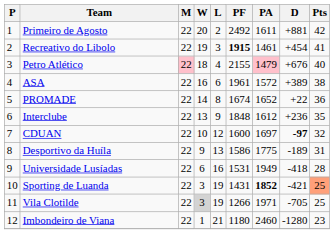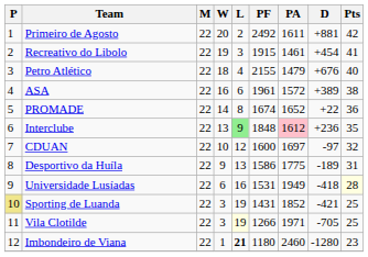 <table class="wikitable">
 <tr>
 <th>P</th>
 <th width=225>Team</th>
 <th>M</th>
 <th>W</th>
 <th>L</th>
 <th>PF</th>
 <th>PA</th>
 <th>D</th>
 <th>Pts</th>
 </tr>
 <tr>
 <td>1</td>
 <td><a href='#'>Primeiro de Agosto</a></td>
 <td>22</td>
 <td>20</td>
 <td align=center>2</td>
 <td>2492</td>
 <td>1611</td>
 <td align=right>+881</td>
 <td align=center>42</td>
 </tr>
 <tr>
 <td>2</td>
 <td><a href='#'>Recreativo do Libolo</a></td>
 <td>22</td>
 <td>19</td>
 <td align=center>3</td>
-<td><strong>1915</strong></td>
+<td>1915</td>
 <td>1461</td>
 <td align=right>+454</td>
 <td align=center>41</td>
 </tr>
 <tr>
 <td>3</td>
 <td><a href='#'>Petro Atlético</a></td>
-<td style="background: pink;">22</td>
+<td>22</td>
 <td>18</td>
 <td align=center>4</td>
 <td>2155</td>
-<td style="background: pink;">1479</td>
+<td>1479</td>
 <td align=right>+676</td>
 <td align=center>40</td>
 </tr>
 <tr>
 <td>4</td>
 <td><a href='#'>ASA</a></td>
 <td>22</td>
 <td>16</td>
 <td align=center>6</td>
 <td>1961</td>
 <td>1572</td>
 <td align=right>+389</td>
 <td align=center>38</td>
 </tr>
 <tr>
 <td>5</td>
 <td><a href='#'>PROMADE</a></td>
 <td>22</td>
 <td>14</td>
 <td align=center>8</td>
 <td>1674</td>
 <td>1652</td>
 <td align=right>+22</td>
 <td align=center>36</td>
 </tr>
 <tr>
 <td>6</td>
 <td><a href='#'>Interclube</a></td>
 <td>22</td>
 <td>13</td>
-<td align=center>9</td>
+<td align=center style="background: lightgreen;">9</td>
 <td>1848</td>
-<td>1612</td>
+<td style="background: pink;">1612</td>
 <td align=right>+236</td>
 <td align=center>35</td>
 </tr>
 <tr>
 <td>7</td>
 <td><a href='#'>CDUAN</a></td>
 <td>22</td>
 <td>10</td>
 <td>12</td>
 <td>1600</td>
 <td>1697</td>
-<td align=right><strong>-97</strong></td>
+<td align=right>-97</td>
 <td align=center>32</td>
 </tr>
 <tr>
 <td>8</td>
 <td><a href='#'>Desportivo da Huíla</a></td>
 <td>22</td>
 <td align=center>9</td>
 <td>13</td>
 <td>1586</td>
 <td>1775</td>
 <td align=right>-189</td>
 <td align=center>31</td>
 </tr>
 <tr>
 <td>9</td>
 <td><a href='#'>Universidade Lusíadas</a></td>
 <td>22</td>
 <td align=center>6</td>
 <td>16</td>
 <td>1531</td>
 <td>1949</td>
 <td align=right>-418</td>
-<td align=center>28</td>
+<td align=center style="background: lightyellow;">28</td>
 </tr>
 <tr>
-<td>10</td>
+<td style="background: khaki;">10</td>
 <td><a href='#'>Sporting de Luanda</a></td>
 <td>22</td>
 <td align=center>3</td>
 <td>19</td>
 <td>1431</td>
-<td><strong>1852</strong></td>
+<td>1852</td>
 <td align=right>-421</td>
-<td align=center style="background: lightsalmon;">25</td>
+<td align=center>25</td>
 </tr>
 <tr>
 <td>11</td>
 <td><a href='#'>Vila Clotilde</a></td>
 <td>22</td>
-<td align=center style="background: lightgrey;">3</td>
-<td>19</td>
+<td align=center>3</td>
+<td style="background: lightyellow;">19</td>
 <td>1266</td>
 <td>1971</td>
 <td align=right>-705</td>
 <td align=center>25</td>
 </tr>
 <tr>
 <td>12</td>
 <td><a href='#'>Imbondeiro de Viana</a></td>
 <td>22</td>
 <td align=center>1</td>
-<td>21</td>
+<td><strong>21</strong></td>
 <td>1180</td>
 <td>2460</td>
 <td align=right>-1280</td>
 <td align=center>23</td>
 </tr>
 <tr>
 </tr>
 </table>
